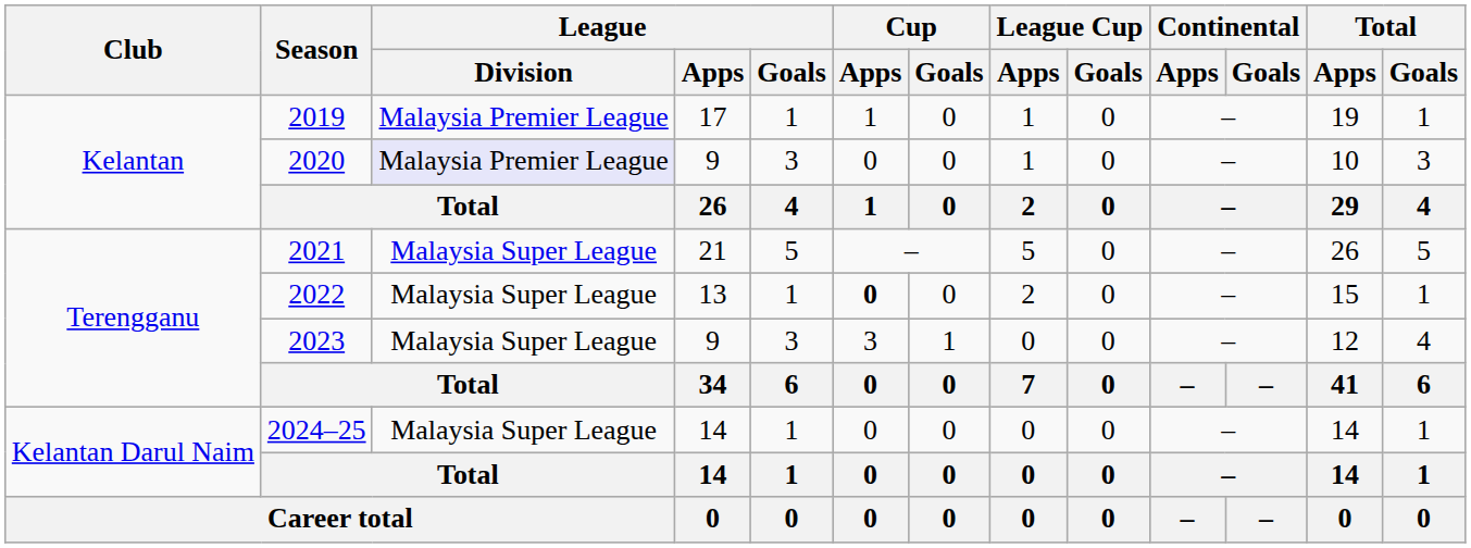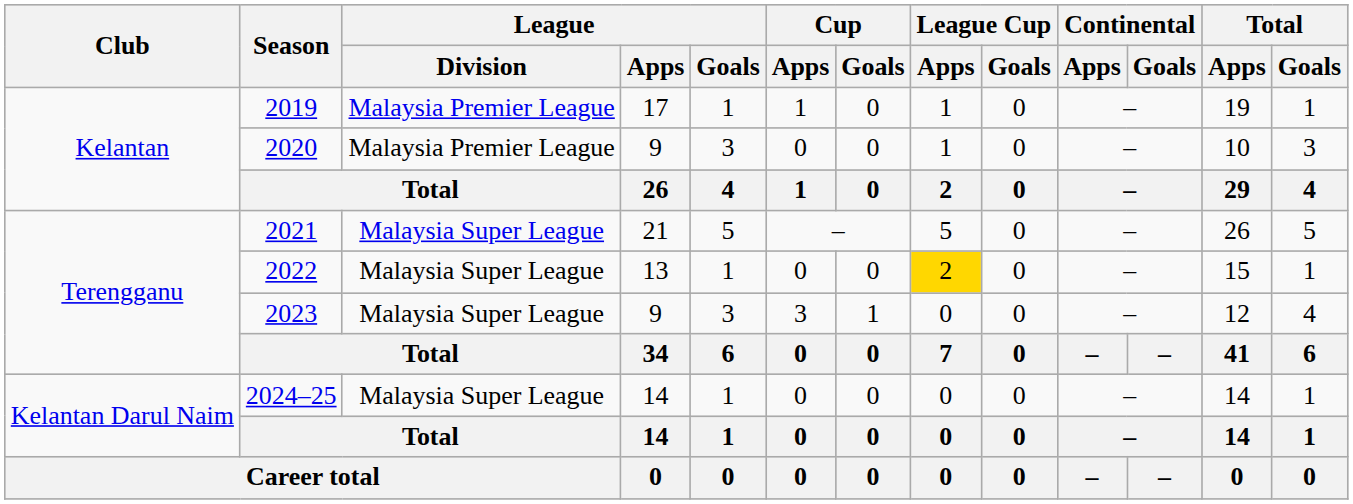 <table class=wikitable style="text-align:center">
 <tr>
 <th rowspan=2>Club</th>
 <th rowspan=2>Season</th>
 <th colspan=3>League</th>
 <th colspan=2>Cup</th>
 <th colspan=2>League Cup</th>
 <th colspan=2>Continental</th>
 <th colspan=2>Total</th>
 </tr>
 <tr>
 <th>Division</th>
 <th>Apps</th>
 <th>Goals</th>
 <th>Apps</th>
 <th>Goals</th>
 <th>Apps</th>
 <th>Goals</th>
 <th>Apps</th>
 <th>Goals</th>
 <th>Apps</th>
 <th>Goals</th>
 </tr>
 <tr>
 <td rowspan=3><a href='#'>Kelantan</a></td>
 <td><a href='#'>2019</a></td>
 <td><a href='#'>Malaysia Premier League</a></td>
 <td>17</td>
 <td>1</td>
 <td>1</td>
 <td>0</td>
 <td>1</td>
 <td>0</td>
 <td colspan=2>–</td>
 <td>19</td>
 <td>1</td>
 </tr>
 <tr>
 <td><a href='#'>2020</a></td>
-<td style="background: lavender;">Malaysia Premier League</td>
+<td>Malaysia Premier League</td>
 <td>9</td>
 <td>3</td>
 <td>0</td>
 <td>0</td>
 <td>1</td>
 <td>0</td>
 <td colspan=2>–</td>
 <td>10</td>
 <td>3</td>
 </tr>
 <tr>
 <th colspan="2">Total</th>
 <th>26</th>
 <th>4</th>
 <th>1</th>
 <th>0</th>
 <th>2</th>
 <th>0</th>
 <th colspan=2>–</th>
 <th>29</th>
 <th>4</th>
 </tr>
 <tr>
 <td rowspan=4><a href='#'>Terengganu</a></td>
 <td><a href='#'>2021</a></td>
 <td><a href='#'>Malaysia Super League</a></td>
 <td>21</td>
 <td>5</td>
 <td colspan=2>–</td>
 <td>5</td>
 <td>0</td>
 <td colspan=2>–</td>
 <td>26</td>
 <td>5</td>
 </tr>
 <tr>
 <td><a href='#'>2022</a></td>
 <td>Malaysia Super League</td>
 <td>13</td>
 <td>1</td>
-<td><strong>0</strong></td>
 <td>0</td>
-<td>2</td>
+<td>0</td>
+<td style="background: gold;">2</td>
 <td>0</td>
 <td colspan=2>–</td>
 <td>15</td>
 <td>1</td>
 </tr>
 <tr>
 <td><a href='#'>2023</a></td>
 <td>Malaysia Super League</td>
 <td>9</td>
 <td>3</td>
 <td>3</td>
 <td>1</td>
 <td>0</td>
 <td>0</td>
 <td colspan=2>–</td>
 <td>12</td>
 <td>4</td>
 </tr>
 <tr>
 <th colspan="2">Total</th>
 <th>34</th>
 <th>6</th>
 <th>0</th>
 <th>0</th>
 <th>7</th>
 <th>0</th>
 <th>–</th>
 <th>–</th>
 <th>41</th>
 <th>6</th>
 </tr>
 <tr>
 <td rowspan=2><a href='#'>Kelantan Darul Naim</a></td>
 <td><a href='#'>2024–25</a></td>
 <td>Malaysia Super League</td>
 <td>14</td>
 <td>1</td>
 <td>0</td>
 <td>0</td>
 <td>0</td>
 <td>0</td>
 <td colspan=2>–</td>
 <td>14</td>
 <td>1</td>
 </tr>
 <tr>
 <th colspan="2">Total</th>
 <th>14</th>
 <th>1</th>
 <th>0</th>
 <th>0</th>
 <th>0</th>
 <th>0</th>
 <th colspan=2>–</th>
 <th>14</th>
 <th>1</th>
 </tr>
 <tr>
 <th colspan="3">Career total</th>
 <th>0</th>
 <th>0</th>
 <th>0</th>
 <th>0</th>
 <th>0</th>
 <th>0</th>
 <th>–</th>
 <th>–</th>
 <th>0</th>
 <th>0</th>
 </tr>
 </table>
